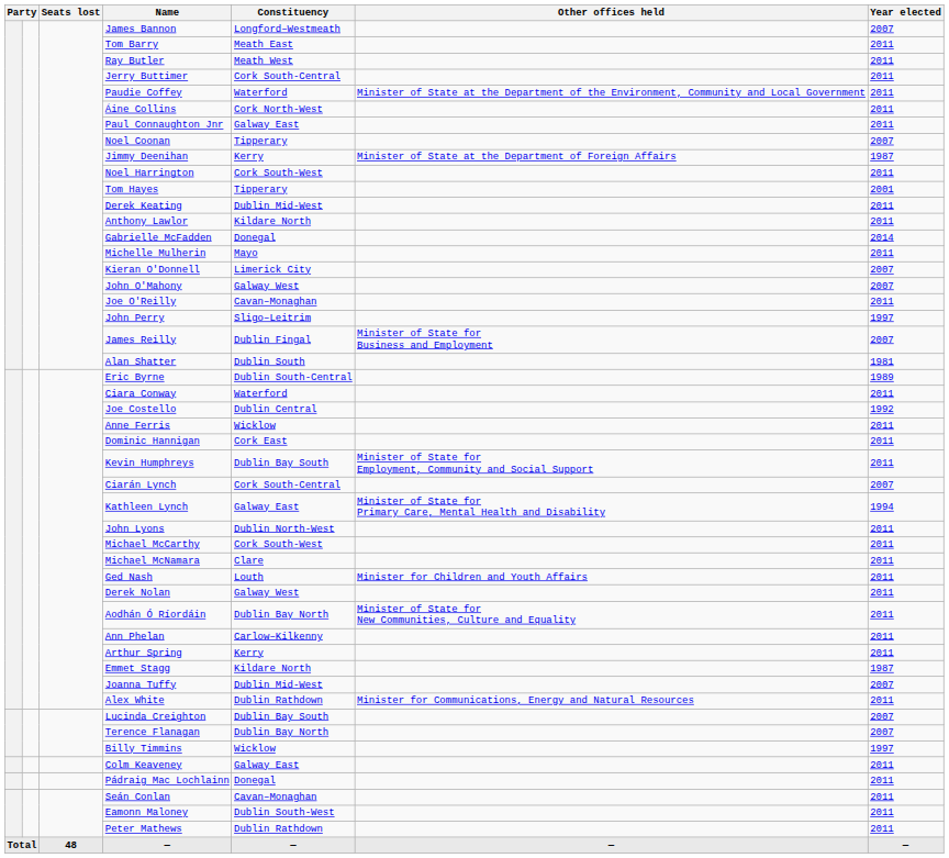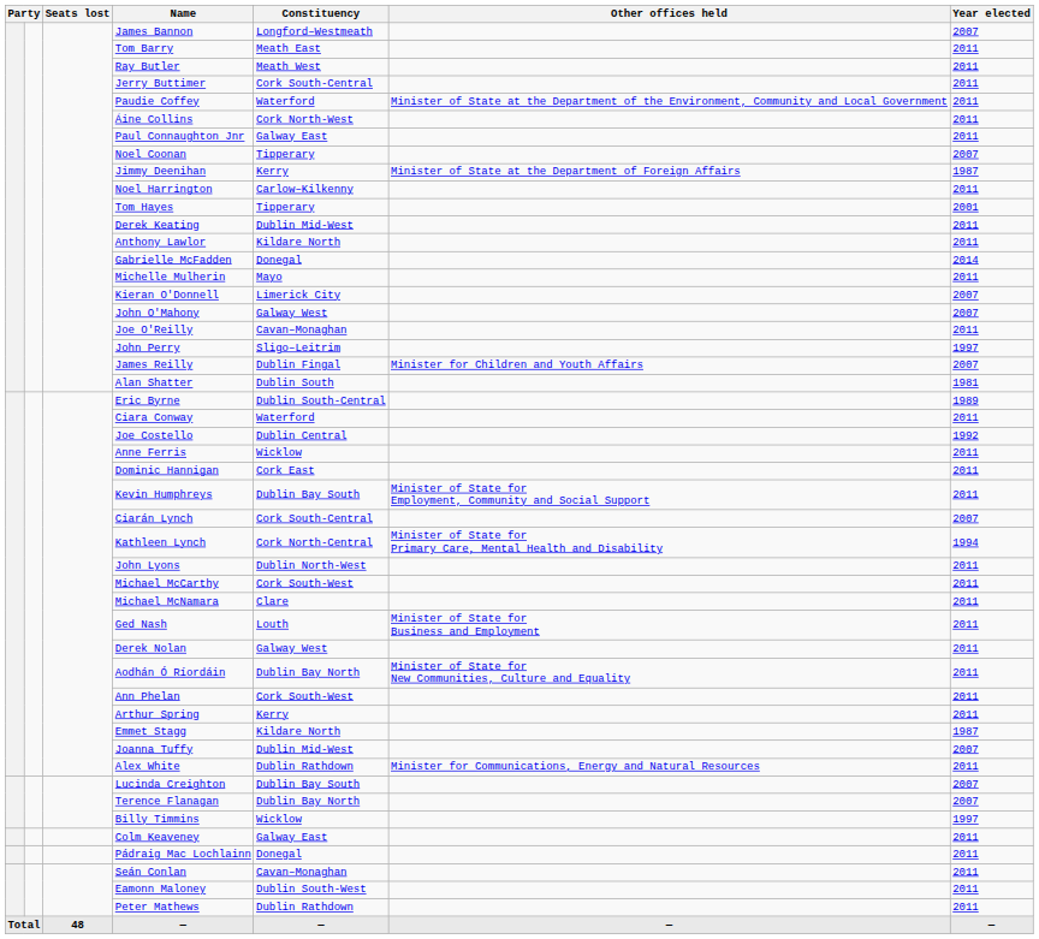 <table class="wikitable sortable" style="font-size: 100%;">
 <tr>
 <th colspan=2>Party</th>
 <th>Seats lost</th>
 <th>Name</th>
 <th>Constituency</th>
 <th>Other offices held</th>
 <th>Year elected</th>
 </tr>
 <tr>
 <th rowspan="21" style="background-color: "></th>
 <td rowspan="21"></td>
 <td rowspan="21"></td>
 <td data-sort-value="Bannon, James"><a href='#'>James Bannon</a></td>
 <td><a href='#'>Longford–Westmeath</a></td>
 <td></td>
 <td><a href='#'>2007</a></td>
 </tr>
 <tr>
 <td data-sort-value="Barry, Tom"><a href='#'>Tom Barry</a></td>
 <td><a href='#'>Meath East</a></td>
 <td></td>
 <td><a href='#'>2011</a></td>
 </tr>
 <tr>
 <td data-sort-value="Butler, Ray"><a href='#'>Ray Butler</a></td>
 <td><a href='#'>Meath West</a></td>
 <td></td>
 <td><a href='#'>2011</a></td>
 </tr>
 <tr>
 <td data-sort-value="Buttimer, Jerry"><a href='#'>Jerry Buttimer</a></td>
 <td><a href='#'>Cork South-Central</a></td>
 <td></td>
 <td><a href='#'>2011</a></td>
 </tr>
 <tr>
 <td data-sort-value="Coffey, Paudie"><a href='#'>Paudie Coffey</a></td>
 <td><a href='#'>Waterford</a></td>
 <td><a href='#'>Minister of State at the Department of the Environment, Community and Local Government</a></td>
 <td><a href='#'>2011</a></td>
 </tr>
 <tr>
 <td data-sort-value="Collins, Áine"><a href='#'>Áine Collins</a></td>
 <td><a href='#'>Cork North-West</a></td>
 <td></td>
 <td><a href='#'>2011</a></td>
 </tr>
 <tr>
 <td data-sort-value="Connaughton, Paul"><a href='#'>Paul Connaughton Jnr</a></td>
 <td><a href='#'>Galway East</a></td>
 <td></td>
 <td><a href='#'>2011</a></td>
 </tr>
 <tr>
 <td data-sort-value="Coonan, Noel"><a href='#'>Noel Coonan</a></td>
 <td><a href='#'>Tipperary</a></td>
 <td></td>
 <td><a href='#'>2007</a></td>
 </tr>
 <tr>
 <td data-sort-value="Deenihan, Jimmy"><a href='#'>Jimmy Deenihan</a></td>
 <td><a href='#'>Kerry</a></td>
 <td><a href='#'>Minister of State at the Department of Foreign Affairs</a></td>
 <td><a href='#'>1987</a></td>
 </tr>
 <tr>
 <td data-sort-value="Harrington, Noel"><a href='#'>Noel Harrington</a></td>
-<td><a href='#'>Cork South-West</a></td>
+<td><a href='#'>Carlow–Kilkenny</a></td>
 <td></td>
 <td><a href='#'>2011</a></td>
 </tr>
 <tr>
 <td data-sort-value="Hayes, Tom"><a href='#'>Tom Hayes</a></td>
 <td><a href='#'>Tipperary</a></td>
 <td></td>
 <td><a href='#'>2001</a></td>
 </tr>
 <tr>
 <td data-sort-value="Keating, Derek"><a href='#'>Derek Keating</a></td>
 <td><a href='#'>Dublin Mid-West</a></td>
 <td></td>
 <td><a href='#'>2011</a></td>
 </tr>
 <tr>
 <td data-sort-value="Lawlor, Anthony"><a href='#'>Anthony Lawlor</a></td>
 <td><a href='#'>Kildare North</a></td>
 <td></td>
 <td><a href='#'>2011</a></td>
 </tr>
 <tr>
 <td data-sort-value="McFadden, Gabrielle"><a href='#'>Gabrielle McFadden</a></td>
 <td><a href='#'>Donegal</a></td>
 <td></td>
 <td><a href='#'>2014</a></td>
 </tr>
 <tr>
 <td data-sort-value="Mulherin, Michelle"><a href='#'>Michelle Mulherin</a></td>
 <td><a href='#'>Mayo</a></td>
 <td></td>
 <td><a href='#'>2011</a></td>
 </tr>
 <tr>
 <td data-sort-value="O'Donnell, Kieran"><a href='#'>Kieran O'Donnell</a></td>
 <td><a href='#'>Limerick City</a></td>
 <td></td>
 <td><a href='#'>2007</a></td>
 </tr>
 <tr>
 <td data-sort-value="O'Mahony, John"><a href='#'>John O'Mahony</a></td>
 <td><a href='#'>Galway West</a></td>
 <td></td>
 <td><a href='#'>2007</a></td>
 </tr>
 <tr>
 <td data-sort-value="O'Reilly, Joe"><a href='#'>Joe O'Reilly</a></td>
 <td><a href='#'>Cavan–Monaghan</a></td>
 <td></td>
 <td><a href='#'>2011</a></td>
 </tr>
 <tr>
 <td data-sort-value="Perry, John"><a href='#'>John Perry</a></td>
 <td><a href='#'>Sligo–Leitrim</a></td>
 <td></td>
 <td><a href='#'>1997</a></td>
 </tr>
 <tr>
 <td data-sort-value="Reilly, James"><a href='#'>James Reilly</a></td>
 <td><a href='#'>Dublin Fingal</a></td>
-<td><a href='#'>Minister of State for<br>Business and Employment</a></td>
+<td><a href='#'>Minister for Children and Youth Affairs</a></td>
 <td><a href='#'>2007</a></td>
 </tr>
 <tr>
 <td data-sort-value="Shatter, Alan"><a href='#'>Alan Shatter</a></td>
 <td><a href='#'>Dublin South</a></td>
 <td></td>
 <td><a href='#'>1981</a></td>
 </tr>
 <tr>
 <th rowspan="19" style="background-color: "></th>
 <td rowspan="19"></td>
 <td rowspan="19"></td>
 <td data-sort-value="Byrne, Eric"><a href='#'>Eric Byrne</a></td>
 <td><a href='#'>Dublin South-Central</a></td>
 <td></td>
 <td><a href='#'>1989</a></td>
 </tr>
 <tr>
 <td data-sort-value="Conway, Ciara"><a href='#'>Ciara Conway</a></td>
 <td><a href='#'>Waterford</a></td>
 <td></td>
 <td><a href='#'>2011</a></td>
 </tr>
 <tr>
 <td data-sort-value="Costello, Joe"><a href='#'>Joe Costello</a></td>
 <td><a href='#'>Dublin Central</a></td>
 <td></td>
 <td><a href='#'>1992</a></td>
 </tr>
 <tr>
 <td data-sort-value="Ferris, Anne"><a href='#'>Anne Ferris</a></td>
 <td><a href='#'>Wicklow</a></td>
 <td></td>
 <td><a href='#'>2011</a></td>
 </tr>
 <tr>
 <td data-sort-value="Hannigan, Dominic"><a href='#'>Dominic Hannigan</a></td>
 <td><a href='#'>Cork East</a></td>
 <td></td>
 <td><a href='#'>2011</a></td>
 </tr>
 <tr>
 <td data-sort-value="Humphreys, Kevin"><a href='#'>Kevin Humphreys</a></td>
 <td><a href='#'>Dublin Bay South</a></td>
 <td><a href='#'>Minister of State for<br>Employment, Community and Social Support</a></td>
 <td><a href='#'>2011</a></td>
 </tr>
 <tr>
 <td data-sort-value="Lynch, Ciarán"><a href='#'>Ciarán Lynch</a></td>
 <td><a href='#'>Cork South-Central</a></td>
 <td></td>
 <td><a href='#'>2007</a></td>
 </tr>
 <tr>
 <td data-sort-value="Lynch, Kathleen"><a href='#'>Kathleen Lynch</a></td>
-<td><a href='#'>Galway East</a></td>
+<td><a href='#'>Cork North-Central</a></td>
 <td><a href='#'>Minister of State for<br>Primary Care, Mental Health and Disability</a></td>
 <td><a href='#'>1994</a></td>
 </tr>
 <tr>
 <td data-sort-value="Lyons, John"><a href='#'>John Lyons</a></td>
 <td><a href='#'>Dublin North-West</a></td>
 <td></td>
 <td><a href='#'>2011</a></td>
 </tr>
 <tr>
 <td data-sort-value="McCarthy, Michael"><a href='#'>Michael McCarthy</a></td>
 <td><a href='#'>Cork South-West</a></td>
 <td></td>
 <td><a href='#'>2011</a></td>
 </tr>
 <tr>
 <td data-sort-value="McNamara, Michael"><a href='#'>Michael McNamara</a></td>
 <td><a href='#'>Clare</a></td>
 <td></td>
 <td><a href='#'>2011</a></td>
 </tr>
 <tr>
 <td data-sort-value="Nash, Ged"><a href='#'>Ged Nash</a></td>
 <td><a href='#'>Louth</a></td>
-<td><a href='#'>Minister for Children and Youth Affairs</a></td>
+<td><a href='#'>Minister of State for<br>Business and Employment</a></td>
 <td><a href='#'>2011</a></td>
 </tr>
 <tr>
 <td data-sort-value="Nolan, Derek"><a href='#'>Derek Nolan</a></td>
 <td><a href='#'>Galway West</a></td>
 <td></td>
 <td><a href='#'>2011</a></td>
 </tr>
 <tr>
 <td data-sort-value="Ó Ríordáin, Aodhán"><a href='#'>Aodhán Ó Ríordáin</a></td>
 <td><a href='#'>Dublin Bay North</a></td>
 <td><a href='#'>Minister of State for<br>New Communities, Culture and Equality</a></td>
 <td><a href='#'>2011</a></td>
 </tr>
 <tr>
 <td data-sort-value="Phelan, Ann"><a href='#'>Ann Phelan</a></td>
-<td><a href='#'>Carlow–Kilkenny</a></td>
+<td><a href='#'>Cork South-West</a></td>
 <td></td>
 <td><a href='#'>2011</a></td>
 </tr>
 <tr>
 <td data-sort-value="Spring, Arthur"><a href='#'>Arthur Spring</a></td>
 <td><a href='#'>Kerry</a></td>
 <td></td>
 <td><a href='#'>2011</a></td>
 </tr>
 <tr>
 <td data-sort-value="Stagg, Emmet"><a href='#'>Emmet Stagg</a></td>
 <td><a href='#'>Kildare North</a></td>
 <td></td>
 <td><a href='#'>1987</a></td>
 </tr>
 <tr>
 <td data-sort-value="Tuffy, Joanna"><a href='#'>Joanna Tuffy</a></td>
 <td><a href='#'>Dublin Mid-West</a></td>
 <td></td>
 <td><a href='#'>2007</a></td>
 </tr>
 <tr>
 <td data-sort-value="White, Alex"><a href='#'>Alex White</a></td>
 <td><a href='#'>Dublin Rathdown</a></td>
 <td><a href='#'>Minister for Communications, Energy and Natural Resources</a></td>
 <td><a href='#'>2011</a></td>
 </tr>
 <tr>
 <th rowspan="3" style="background-color: "></th>
 <td rowspan="3"></td>
 <td rowspan="3"></td>
 <td data-sort-value="Creighton, Lucinda"><a href='#'>Lucinda Creighton</a></td>
 <td><a href='#'>Dublin Bay South</a></td>
 <td></td>
 <td><a href='#'>2007</a></td>
 </tr>
 <tr>
 <td data-sort-value="Flanagan, Terence"><a href='#'>Terence Flanagan</a></td>
 <td><a href='#'>Dublin Bay North</a></td>
 <td></td>
 <td><a href='#'>2007</a></td>
 </tr>
 <tr>
 <td data-sort-value="Timmins, Billy"><a href='#'>Billy Timmins</a></td>
 <td><a href='#'>Wicklow</a></td>
 <td></td>
 <td><a href='#'>1997</a></td>
 </tr>
 <tr>
 <th rowspan="1" style="background-color: "></th>
 <td rowspan="1"></td>
 <td rowspan="1"></td>
 <td data-sort-value="Keaveney, Colm"><a href='#'>Colm Keaveney</a></td>
 <td><a href='#'>Galway East</a></td>
 <td></td>
 <td><a href='#'>2011</a></td>
 </tr>
 <tr>
 <th rowspan="1" style="background-color: "></th>
 <td rowspan="1"></td>
 <td rowspan="1"></td>
 <td data-sort-value="Mac Lochlainn, Pádraig"><a href='#'>Pádraig Mac Lochlainn</a></td>
 <td><a href='#'>Donegal</a></td>
 <td></td>
 <td><a href='#'>2011</a></td>
 </tr>
 <tr>
 <th rowspan="3" style="background-color: "></th>
 <td rowspan="3"></td>
 <td rowspan="3"></td>
 <td data-sort-value="Conlan, Seán"><a href='#'>Seán Conlan</a></td>
 <td><a href='#'>Cavan–Monaghan</a></td>
 <td></td>
 <td><a href='#'>2011</a></td>
 </tr>
 <tr>
 <td data-sort-value="Maloney, Eamonn"><a href='#'>Eamonn Maloney</a></td>
 <td><a href='#'>Dublin South-West</a></td>
 <td></td>
 <td><a href='#'>2011</a></td>
 </tr>
 <tr>
 <td data-sort-value="Mathews, Peter"><a href='#'>Peter Mathews</a></td>
 <td><a href='#'>Dublin Rathdown</a></td>
 <td></td>
 <td><a href='#'>2011</a></td>
 </tr>
 <tr class="unsortable">
 <th colspan=2 style="background-color:#E9E9E9">Total</th>
 <th style="background-color:#E9E9E9">48</th>
 <th style="background-color:#E9E9E9">—</th>
 <th style="background-color:#E9E9E9">—</th>
 <th style="background-color:#E9E9E9">—</th>
 <th style="background-color:#E9E9E9">—</th>
 </tr>
 </table>
